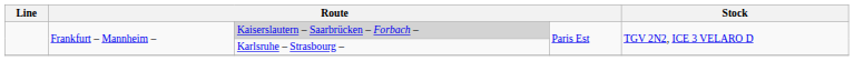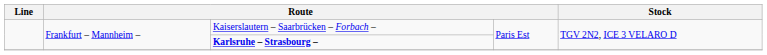 <table class="wikitable" width="100%">
 <tr class="hintergrundfarbe5">
 <th>Line</th>
 <th colspan="3">Route</th>
 <th>Stock</th>
 </tr>
 <tr>
 <td rowspan="2"></td>
 <td rowspan="2"><a href='#'>Frankfurt</a> – <a href='#'>Mannheim</a> –</td>
-<td style="background: lightgrey;"><a href='#'>Kaiserslautern</a> – <a href='#'>Saarbrücken</a> – <em><a href='#'>Forbach</a></em> –</td>
+<td><a href='#'>Kaiserslautern</a> – <a href='#'>Saarbrücken</a> – <em><a href='#'>Forbach</a></em> –</td>
 <td rowspan="2"><a href='#'>Paris Est</a></td>
 <td rowspan="2"><a href='#'>TGV 2N2</a>, <a href='#'>ICE 3 VELARO D</a></td>
 </tr>
 <tr>
-<td><a href='#'>Karlsruhe</a> – <a href='#'>Strasbourg</a> –</td>
+<td><strong><a href='#'>Karlsruhe</a> – <a href='#'>Strasbourg</a> –</strong></td>
 </tr>
 <tr>
 </tr>
 </table>
